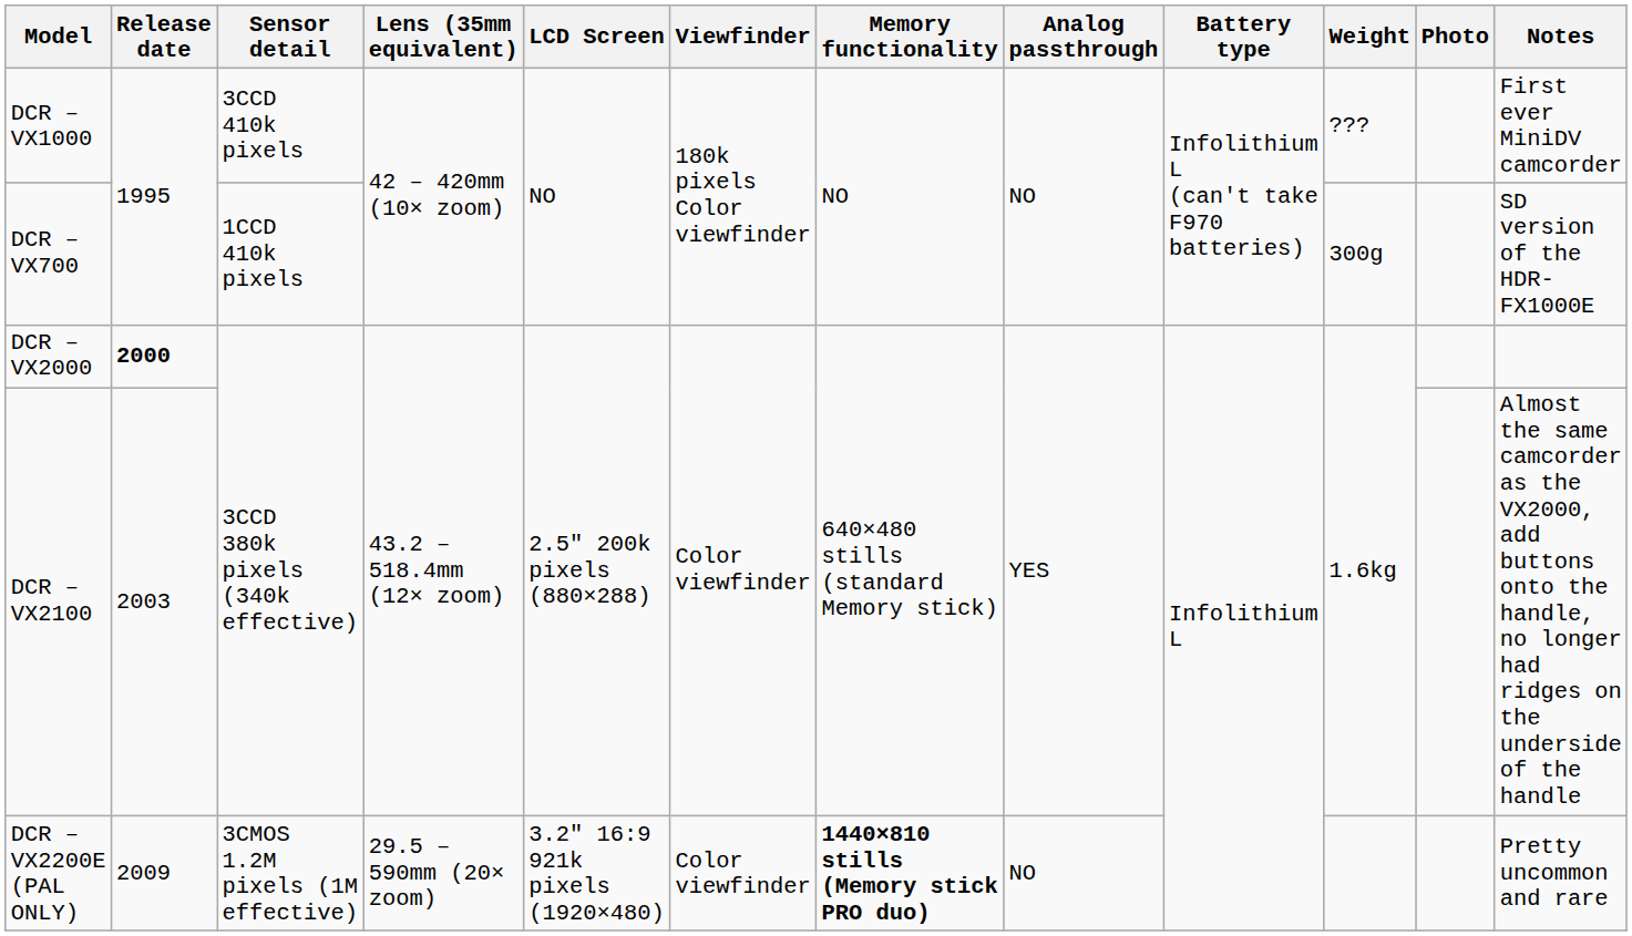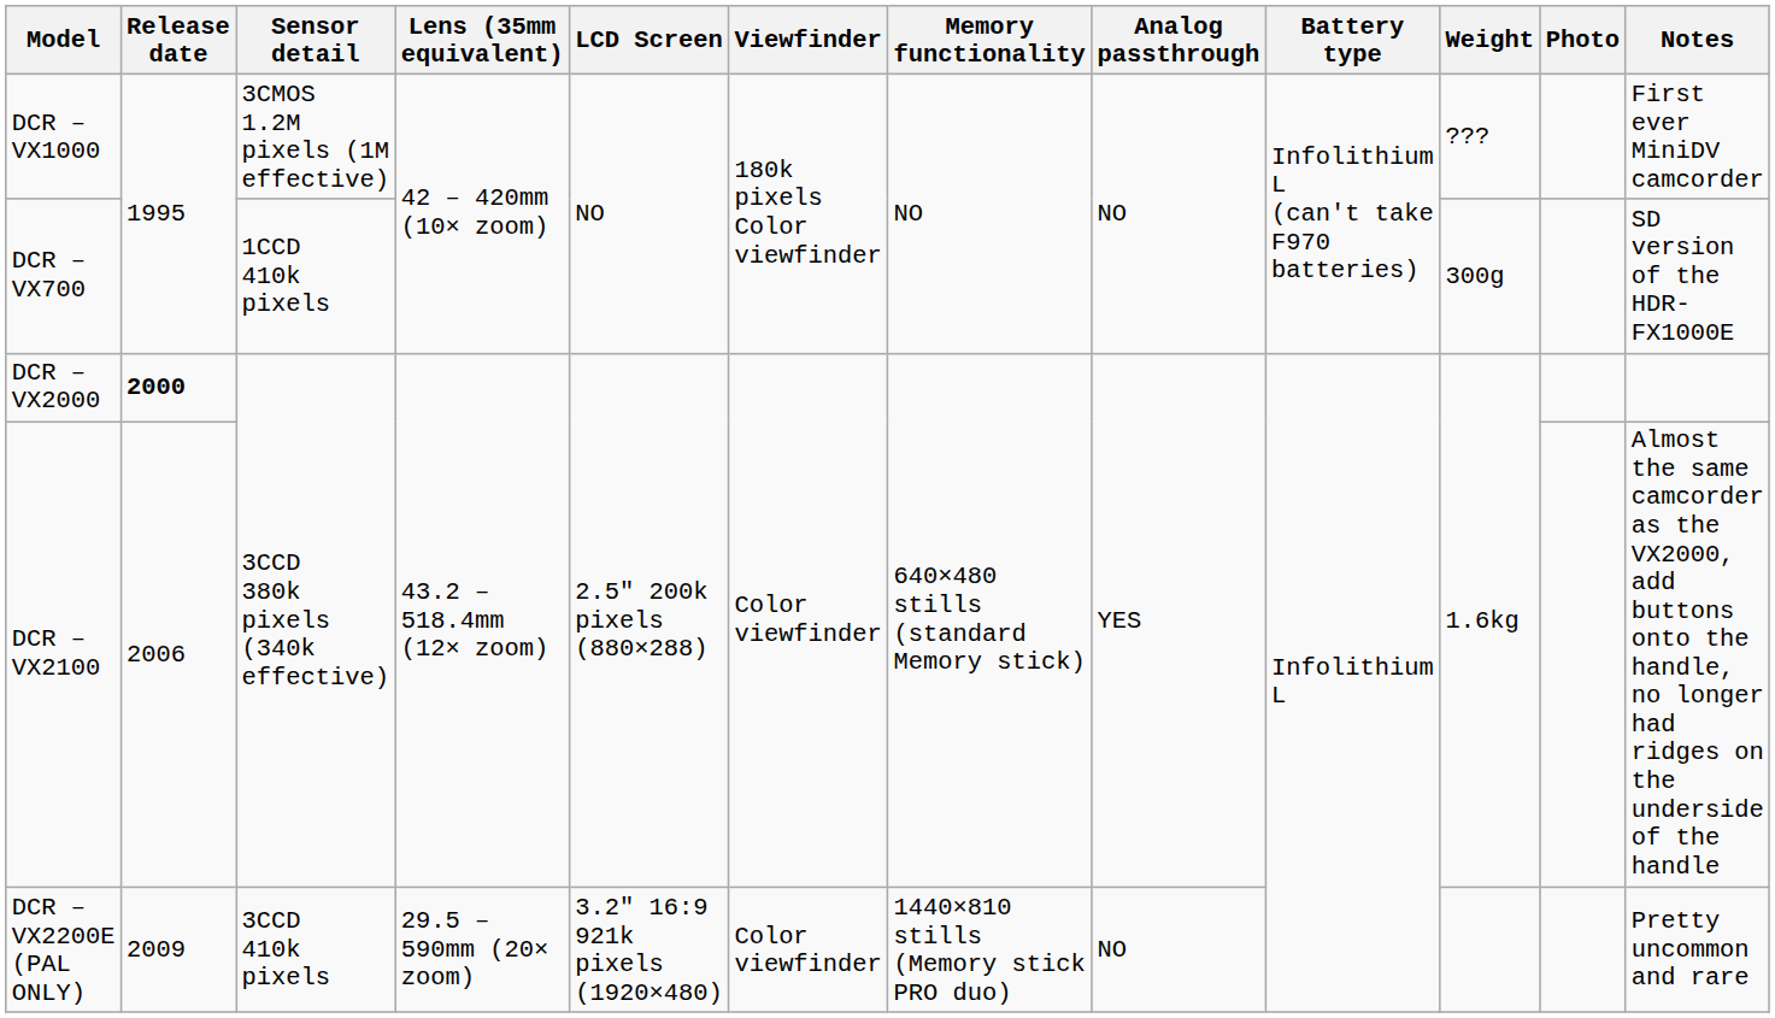 <table class="wikitable">
 <tr>
 <th>Model</th>
 <th>Release date</th>
 <th>Sensor detail</th>
 <th>Lens (35mm equivalent)</th>
 <th>LCD Screen</th>
 <th>Viewfinder</th>
 <th>Memory functionality</th>
 <th>Analog passthrough</th>
 <th>Battery type</th>
 <th>Weight</th>
 <th>Photo</th>
 <th>Notes</th>
 </tr>
 <tr>
 <td>DCR – VX1000</td>
 <td rowspan="2">1995</td>
-<td>3CCD <br>410k pixels</td>
+<td>3CMOS <br>1.2M pixels (1M effective)</td>
 <td rowspan="2">42 – 420mm (10×  zoom)</td>
 <td rowspan="2">NO</td>
 <td rowspan="2">180k pixels Color viewfinder</td>
 <td rowspan="2">NO</td>
 <td rowspan="2">NO</td>
 <td rowspan="2">Infolithium L<br>(can't take F970 batteries)</td>
 <td>???</td>
 <td></td>
 <td>First ever MiniDV camcorder</td>
 </tr>
 <tr>
 <td>DCR – VX700</td>
 <td>1CCD <br>410k pixels</td>
 <td>300g</td>
 <td></td>
 <td>SD version of the HDR-FX1000E</td>
 </tr>
 <tr>
 <td>DCR – VX2000</td>
 <td><strong>2000</strong></td>
 <td rowspan="2">3CCD <br>380k pixels (340k effective)</td>
 <td rowspan="2">43.2 – 518.4mm (12× zoom)</td>
 <td rowspan="2">2.5" 200k pixels<br>(880×288)</td>
 <td rowspan="2">Color viewfinder</td>
 <td rowspan="2">640×480 stills<br>(standard Memory stick)</td>
 <td rowspan="2">YES</td>
 <td rowspan="3">Infolithium L</td>
 <td rowspan="2">1.6kg</td>
 <td></td>
 <td></td>
 </tr>
 <tr>
 <td>DCR – VX2100</td>
-<td>2003</td>
+<td>2006</td>
 <td></td>
 <td>Almost the same camcorder as the VX2000, add buttons onto the handle, no longer had ridges on the underside of the handle</td>
 </tr>
 <tr>
 <td>DCR – VX2200E (PAL ONLY)</td>
 <td>2009</td>
-<td>3CMOS <br>1.2M pixels (1M effective)</td>
+<td>3CCD <br>410k pixels</td>
 <td>29.5 – 590mm (20× zoom)</td>
 <td>3.2" 16:9 921k pixels<br>(1920×480)</td>
 <td>Color viewfinder</td>
-<td><strong>1440×810 stills<br>(Memory stick PRO duo)</strong></td>
+<td>1440×810 stills<br>(Memory stick PRO duo)</td>
 <td>NO</td>
 <td></td>
 <td></td>
 <td>Pretty uncommon and rare</td>
 </tr>
 </table>
